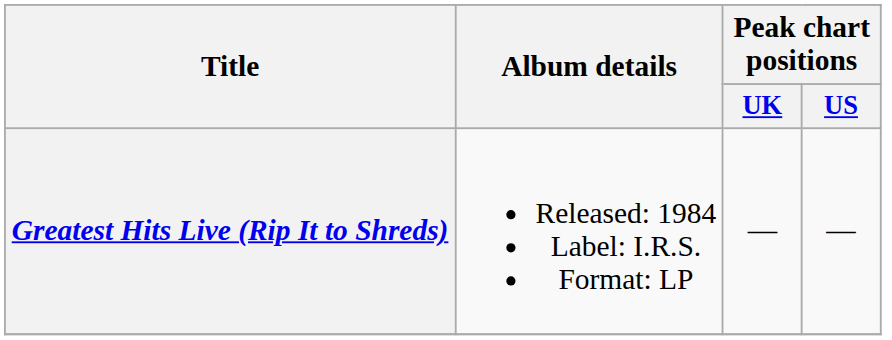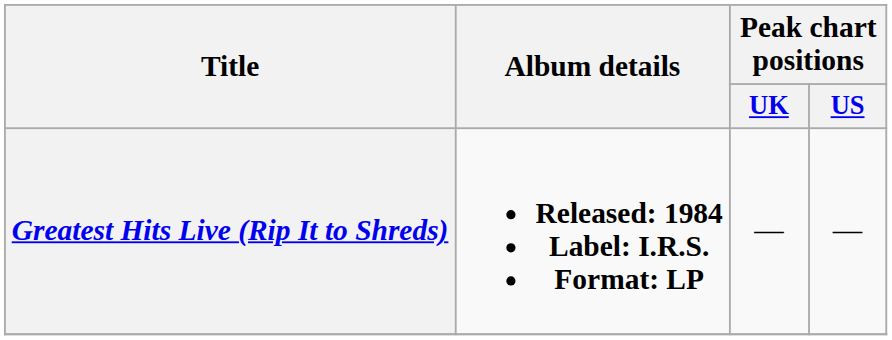 <table class="wikitable plainrowheaders" style="text-align:center;">
 <tr>
 <th rowspan="2" scope="col">Title</th>
 <th rowspan="2" scope="col">Album details</th>
 <th colspan="2">Peak chart positions</th>
 </tr>
 <tr>
 <th scope="col" style="width:2.5em;font-size:90%;"><a href='#'>UK</a><br></th>
 <th scope="col" style="width:2.5em;font-size:90%;"><a href='#'>US</a><br></th>
 </tr>
 <tr>
 <th scope="row"><em><a href='#'>Greatest Hits Live (Rip It to Shreds)</a></em></th>
-<td><br><ul><li>Released: 1984</li><li>Label: I.R.S.</li><li>Format: LP</li></ul></td>
+<td><strong><br><ul><li>Released: 1984</li><li>Label: I.R.S.</li><li>Format: LP</li></ul></strong></td>
 <td>—</td>
 <td>—</td>
 </tr>
 <tr>
 </tr>
 </table>
